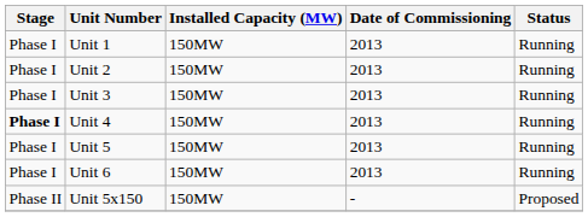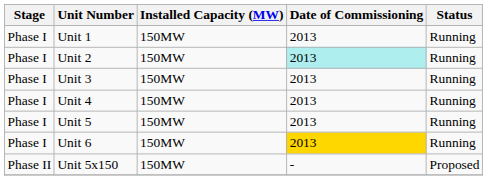 <table class="sortable wikitable">
 <tr>
 <th>Stage</th>
 <th>Unit Number</th>
 <th>Installed Capacity (<a href='#'>MW</a>)</th>
 <th>Date of Commissioning</th>
 <th>Status</th>
 </tr>
 <tr>
 <td>Phase I</td>
 <td>Unit 1</td>
 <td>150MW</td>
 <td>2013</td>
 <td>Running</td>
 </tr>
 <tr>
 <td>Phase I</td>
 <td>Unit 2</td>
 <td>150MW</td>
-<td>2013</td>
+<td style="background: paleturquoise;">2013</td>
 <td>Running</td>
 </tr>
 <tr>
 <td>Phase I</td>
 <td>Unit 3</td>
 <td>150MW</td>
 <td>2013</td>
 <td>Running</td>
 </tr>
 <tr>
-<td><strong>Phase I</strong></td>
+<td>Phase I</td>
 <td>Unit 4</td>
 <td>150MW</td>
 <td>2013</td>
 <td>Running</td>
 </tr>
 <tr>
 <td>Phase I</td>
 <td>Unit 5</td>
 <td>150MW</td>
 <td>2013</td>
 <td>Running</td>
 </tr>
 <tr>
 <td>Phase I</td>
 <td>Unit 6</td>
 <td>150MW</td>
-<td>2013</td>
+<td style="background: gold;">2013</td>
 <td>Running</td>
 </tr>
 <tr>
 <td>Phase II</td>
 <td>Unit 5x150</td>
 <td>150MW</td>
 <td>-</td>
 <td>Proposed</td>
 </tr>
 <tr>
 </tr>
 </table>
